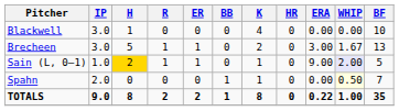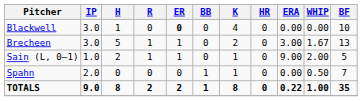 <table class="wikitable" style="font-size:85%; text-align:center;">
 <tr>
 <th>Pitcher</th>
 <th><a href='#'>IP</a></th>
 <th>  <a href='#'>H</a>  </th>
 <th>  <a href='#'>R</a>  </th>
 <th> <a href='#'>ER</a> </th>
 <th> <a href='#'>BB</a> </th>
 <th>  <a href='#'>K</a>  </th>
 <th> <a href='#'>HR</a> </th>
 <th><a href='#'>ERA</a></th>
 <th><a href='#'>WHIP</a></th>
 <th> <a href='#'>BF</a> </th>
 </tr>
 <tr>
 <td align=left><a href='#'>Blackwell</a></td>
 <td>3.0</td>
 <td>1</td>
 <td>0</td>
-<td>0</td>
+<td><strong>0</strong></td>
 <td>0</td>
 <td>4</td>
 <td>0</td>
 <td>0.00</td>
 <td>0.00</td>
 <td>10</td>
 </tr>
 <tr>
 <td align=left><a href='#'>Brecheen</a></td>
 <td>3.0</td>
 <td>5</td>
 <td>1</td>
 <td>1</td>
 <td>0</td>
 <td>2</td>
 <td>0</td>
 <td>3.00</td>
 <td>1.67</td>
 <td>13</td>
 </tr>
 <tr>
 <td align=left><a href='#'>Sain</a> (L, 0–1)</td>
 <td>1.0</td>
-<td style="background: gold;">2</td>
+<td>2</td>
 <td>1</td>
 <td>1</td>
 <td>0</td>
 <td>1</td>
 <td>0</td>
 <td>9.00</td>
-<td style="background: lavender;">2.00</td>
+<td>2.00</td>
 <td>5</td>
 </tr>
 <tr>
 <td align=left><a href='#'>Spahn</a></td>
 <td>2.0</td>
 <td>0</td>
 <td>0</td>
 <td>0</td>
 <td>1</td>
 <td>1</td>
 <td>0</td>
 <td>0.00</td>
-<td style="background: lightyellow;">0.50</td>
+<td>0.50</td>
 <td>7</td>
 </tr>
 <tr>
 <td align=left><strong>TOTALS</strong></td>
 <td><strong>9.0</strong></td>
 <td><strong>8</strong></td>
 <td><strong>2</strong></td>
 <td><strong>2</strong></td>
 <td><strong>1</strong></td>
 <td><strong>8</strong></td>
 <td><strong>0</strong></td>
 <td><strong>0.22</strong></td>
 <td><strong>1.00</strong></td>
 <td><strong>35</strong></td>
 </tr>
 <tr>
 </tr>
 </table>
